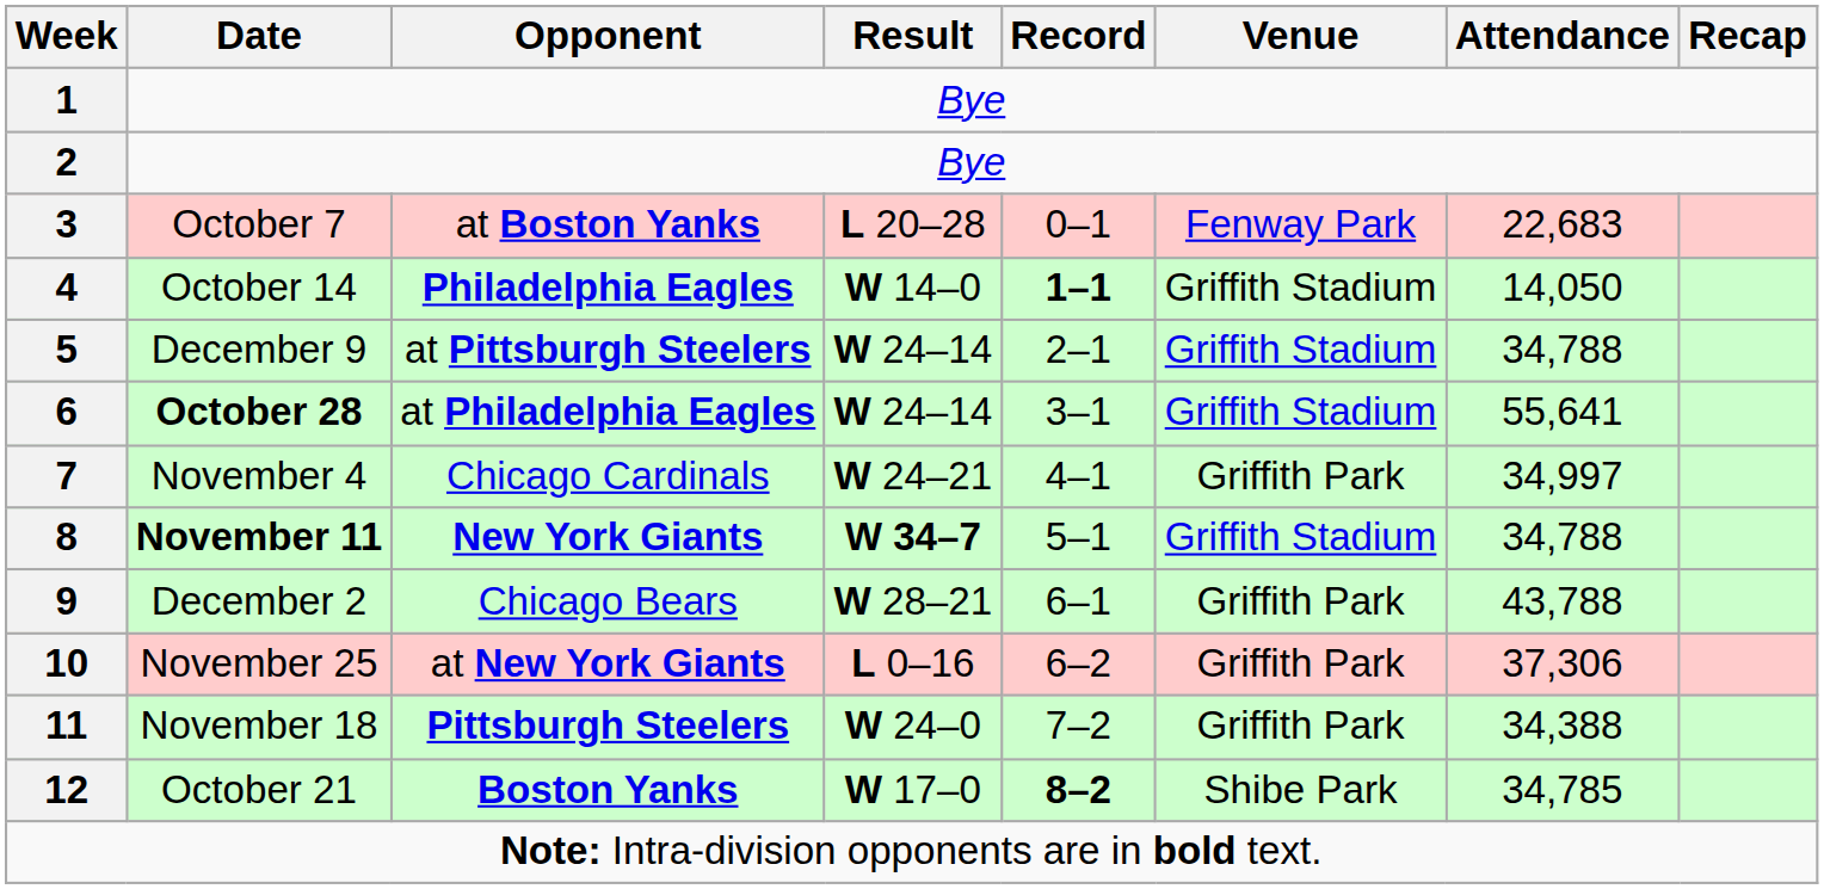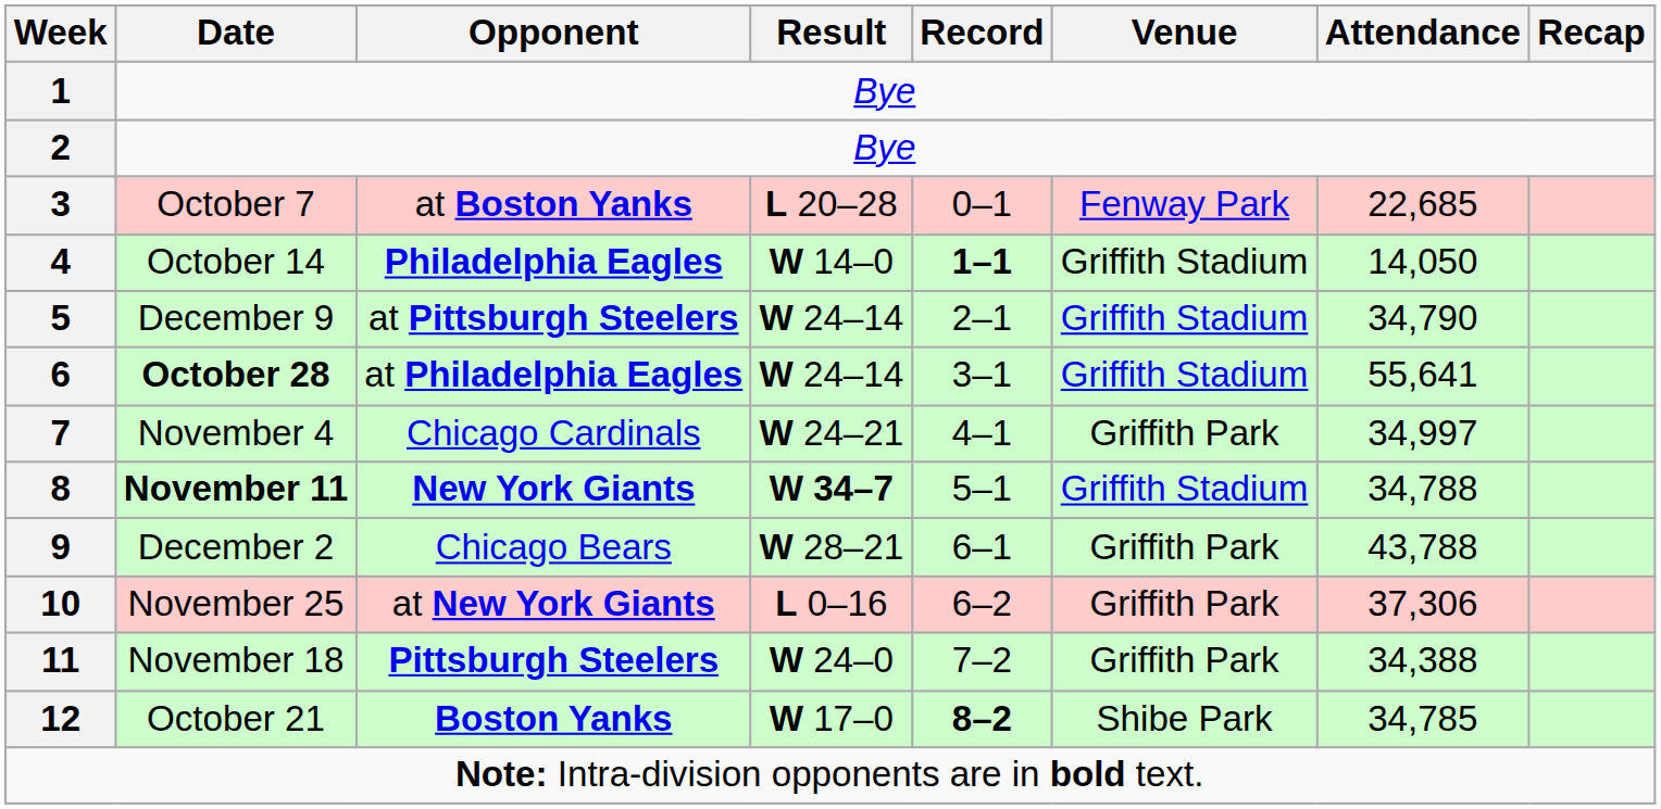 <table class="wikitable" style="text-align:center">
 <tr>
 <th>Week</th>
 <th>Date</th>
 <th>Opponent</th>
 <th>Result</th>
 <th>Record</th>
 <th>Venue</th>
 <th>Attendance</th>
 <th>Recap</th>
 </tr>
 <tr>
 <th>1</th>
 <td colspan="7"><em><a href='#'>Bye</a></em></td>
 </tr>
 <tr>
 <th>2</th>
 <td colspan="7"><em><a href='#'>Bye</a></em></td>
 </tr>
 <tr style="background:#fcc">
 <th>3</th>
 <td>October 7</td>
 <td>at <strong><a href='#'>Boston Yanks</a></strong></td>
 <td><strong>L</strong> 20–28</td>
 <td>0–1</td>
 <td><a href='#'>Fenway Park</a></td>
-<td>22,683</td>
+<td>22,685</td>
 <td></td>
 </tr>
 <tr style="background:#cfc">
 <th>4</th>
 <td>October 14</td>
 <td><strong><a href='#'>Philadelphia Eagles</a></strong></td>
 <td><strong>W</strong> 14–0</td>
 <td><strong>1–1</strong></td>
 <td>Griffith Stadium</td>
 <td>14,050</td>
 <td></td>
 </tr>
 <tr style="background:#cfc">
 <th>5</th>
 <td>December 9</td>
 <td>at <strong><a href='#'>Pittsburgh Steelers</a></strong></td>
 <td><strong>W</strong> 24–14</td>
 <td>2–1</td>
 <td><a href='#'>Griffith Stadium</a></td>
-<td>34,788</td>
+<td>34,790</td>
 <td></td>
 </tr>
 <tr style="background:#cfc">
 <th>6</th>
 <td><strong>October 28</strong></td>
 <td>at <strong><a href='#'>Philadelphia Eagles</a></strong></td>
 <td><strong>W</strong> 24–14</td>
 <td>3–1</td>
 <td><a href='#'>Griffith Stadium</a></td>
 <td>55,641</td>
 <td></td>
 </tr>
 <tr style="background:#cfc">
 <th>7</th>
 <td>November 4</td>
 <td><a href='#'>Chicago Cardinals</a></td>
 <td><strong>W</strong> 24–21</td>
 <td>4–1</td>
 <td>Griffith Park</td>
 <td>34,997</td>
 <td></td>
 </tr>
 <tr style="background:#cfc">
 <th>8</th>
 <td><strong>November 11</strong></td>
 <td><strong><a href='#'>New York Giants</a></strong></td>
 <td><strong>W 34–7</strong></td>
 <td>5–1</td>
 <td><a href='#'>Griffith Stadium</a></td>
 <td>34,788</td>
 <td></td>
 </tr>
 <tr style="background:#cfc">
 <th>9</th>
 <td>December 2</td>
 <td><a href='#'>Chicago Bears</a></td>
 <td><strong>W</strong> 28–21</td>
 <td>6–1</td>
 <td>Griffith Park</td>
 <td>43,788</td>
 <td></td>
 </tr>
 <tr style="background:#fcc">
 <th>10</th>
 <td>November 25</td>
 <td>at <strong><a href='#'>New York Giants</a></strong></td>
 <td><strong>L</strong> 0–16</td>
 <td>6–2</td>
 <td>Griffith Park</td>
 <td>37,306</td>
 <td></td>
 </tr>
 <tr style="background:#cfc">
 <th>11</th>
 <td>November 18</td>
 <td><strong><a href='#'>Pittsburgh Steelers</a></strong></td>
 <td><strong>W</strong> 24–0</td>
 <td>7–2</td>
 <td>Griffith Park</td>
 <td>34,388</td>
 <td></td>
 </tr>
 <tr style="background:#cfc">
 <th>12</th>
 <td>October 21</td>
 <td><strong><a href='#'>Boston Yanks</a></strong></td>
 <td><strong>W</strong> 17–0</td>
 <td><strong>8–2</strong></td>
 <td>Shibe Park</td>
 <td>34,785</td>
 <td></td>
 </tr>
 <tr>
 <td colspan="8"><strong>Note:</strong> Intra-division opponents are in <strong>bold</strong> text.</td>
 </tr>
 </table>
